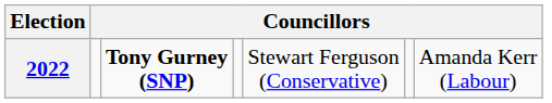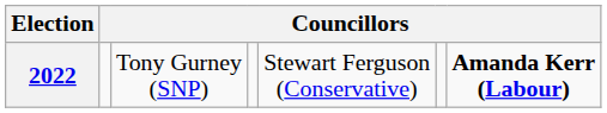 <table class="wikitable" style="text-align:center">
 <tr>
 <th>Election</th>
 <th colspan=6>Councillors</th>
 </tr>
 <tr>
 <th><a href='#'>2022</a></th>
 <td style="background-color: "></td>
-<td><strong>Tony Gurney<br>(<a href='#'>SNP</a>)</strong></td>
+<td>Tony Gurney<br>(<a href='#'>SNP</a>)</td>
 <td style="background-color: "></td>
 <td>Stewart Ferguson<br>(<a href='#'>Conservative</a>)</td>
 <td style="background-color: "></td>
-<td>Amanda Kerr<br>(<a href='#'>Labour</a>)</td>
+<td><strong>Amanda Kerr<br>(<a href='#'>Labour</a>)</strong></td>
 </tr>
 </table>
